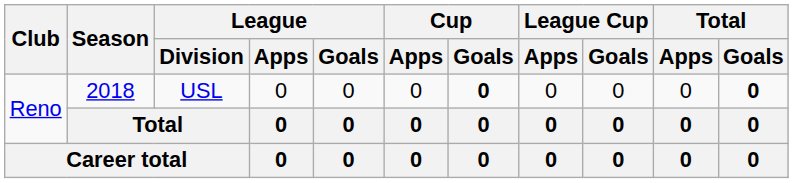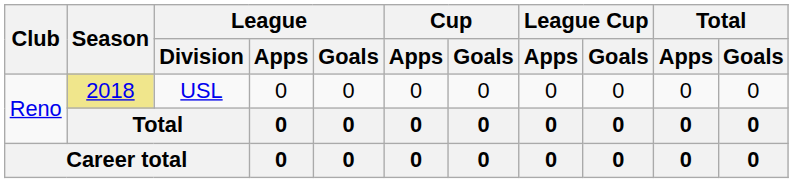 <table class="wikitable" style="text-align: center;">
 <tr>
 <th rowspan="2">Club</th>
 <th rowspan="2">Season</th>
 <th colspan="3">League</th>
 <th colspan="2">Cup</th>
 <th colspan="2">League Cup</th>
 <th colspan="2">Total</th>
 </tr>
 <tr>
 <th>Division</th>
 <th>Apps</th>
 <th>Goals</th>
 <th>Apps</th>
 <th>Goals</th>
 <th>Apps</th>
 <th>Goals</th>
 <th>Apps</th>
 <th>Goals</th>
 </tr>
 <tr>
 <td rowspan="2" valign="center"><a href='#'>Reno</a></td>
-<td><a href='#'>2018</a></td>
+<td style="background: khaki;"><a href='#'>2018</a></td>
 <td Rowspan="1"><a href='#'>USL</a></td>
 <td>0</td>
 <td>0</td>
 <td>0</td>
-<td><strong>0</strong></td>
 <td>0</td>
 <td>0</td>
 <td>0</td>
-<td><strong>0</strong></td>
+<td>0</td>
+<td>0</td>
 </tr>
 <tr>
 <th colspan="2">Total</th>
 <th>0</th>
 <th>0</th>
 <th>0</th>
 <th>0</th>
 <th>0</th>
 <th>0</th>
 <th>0</th>
 <th>0</th>
 </tr>
 <tr>
 <th colspan="3">Career total</th>
 <th>0</th>
 <th>0</th>
 <th>0</th>
 <th>0</th>
 <th>0</th>
 <th>0</th>
 <th>0</th>
 <th>0</th>
 </tr>
 </table>
